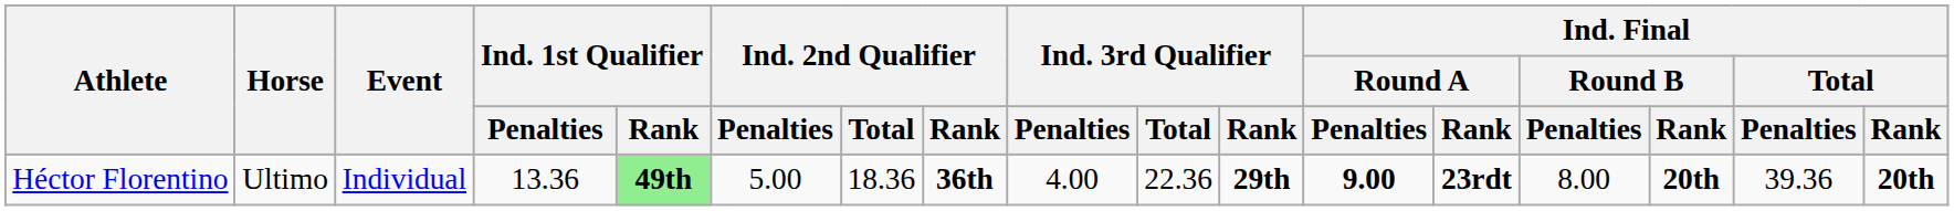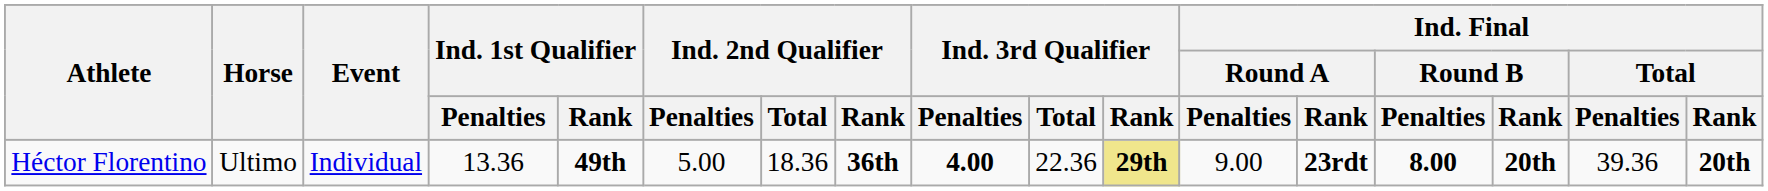 <table class="wikitable" border="1" style="font-size:90%">
 <tr>
 <th rowspan=3>Athlete</th>
 <th rowspan=3>Horse</th>
 <th rowspan=3>Event</th>
 <th colspan=2 rowspan=2>Ind. 1st Qualifier</th>
 <th colspan=3 rowspan=2>Ind. 2nd Qualifier</th>
 <th colspan=3 rowspan=2>Ind. 3rd Qualifier</th>
 <th colspan=6>Ind. Final</th>
 </tr>
 <tr>
 <th colspan=2>Round A</th>
 <th colspan=2>Round B</th>
 <th colspan=2>Total</th>
 </tr>
 <tr>
 <th>Penalties</th>
 <th>Rank</th>
 <th>Penalties</th>
 <th>Total</th>
 <th>Rank</th>
 <th>Penalties</th>
 <th>Total</th>
 <th>Rank</th>
 <th>Penalties</th>
 <th>Rank</th>
 <th>Penalties</th>
 <th>Rank</th>
 <th>Penalties</th>
 <th>Rank</th>
 </tr>
 <tr>
 <td><a href='#'>Héctor Florentino</a></td>
 <td>Ultimo</td>
 <td><a href='#'>Individual</a></td>
 <td align=center>13.36</td>
-<td align=center style="background: lightgreen;"><strong>49th</strong></td>
+<td align=center><strong>49th</strong></td>
 <td align=center>5.00</td>
 <td align=center>18.36</td>
 <td align=center><strong>36th</strong></td>
-<td align=center>4.00</td>
+<td align=center><strong>4.00</strong></td>
 <td align=center>22.36</td>
-<td align=center><strong>29th</strong></td>
-<td align=center><strong>9.00</strong></td>
+<td align=center style="background: khaki;"><strong>29th</strong></td>
+<td align=center>9.00</td>
 <td align=center><strong>23rdt</strong></td>
-<td align=center>8.00</td>
+<td align=center><strong>8.00</strong></td>
 <td align=center><strong>20th</strong></td>
 <td align=center>39.36</td>
 <td align=center><strong>20th</strong></td>
 </tr>
 </table>
